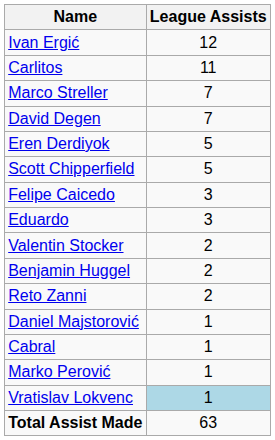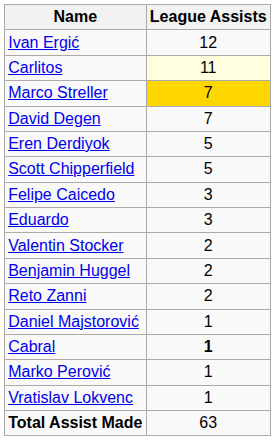 <table class="wikitable">
 <tr>
 <th>Name</th>
 <th>League Assists</th>
 </tr>
 <tr>
 <td> <a href='#'>Ivan Ergić</a></td>
 <td style="text-align:center;">12</td>
 </tr>
 <tr>
 <td> <a href='#'>Carlitos</a></td>
-<td style="text-align:center;">11</td>
+<td style="background: lightyellow; text-align:center;">11</td>
 </tr>
 <tr>
 <td> <a href='#'>Marco Streller</a></td>
-<td style="text-align:center;">7</td>
+<td style="background: gold; text-align:center;">7</td>
 </tr>
 <tr>
 <td> <a href='#'>David Degen</a></td>
 <td style="text-align:center;">7</td>
 </tr>
 <tr>
 <td> <a href='#'>Eren Derdiyok</a></td>
 <td style="text-align:center;">5</td>
 </tr>
 <tr>
 <td> <a href='#'>Scott Chipperfield</a></td>
 <td style="text-align:center;">5</td>
 </tr>
 <tr>
 <td> <a href='#'>Felipe Caicedo</a></td>
 <td style="text-align:center;">3</td>
 </tr>
 <tr>
 <td> <a href='#'>Eduardo</a></td>
 <td style="text-align:center;">3</td>
 </tr>
 <tr>
 <td> <a href='#'>Valentin Stocker</a></td>
 <td style="text-align:center;">2</td>
 </tr>
 <tr>
 <td> <a href='#'>Benjamin Huggel</a></td>
 <td style="text-align:center;">2</td>
 </tr>
 <tr>
 <td> <a href='#'>Reto Zanni</a></td>
 <td style="text-align:center;">2</td>
 </tr>
 <tr>
 <td> <a href='#'>Daniel Majstorović</a></td>
 <td style="text-align:center;">1</td>
 </tr>
 <tr>
 <td> <a href='#'>Cabral</a></td>
-<td style="text-align:center;">1</td>
+<td style="text-align:center;"><strong>1</strong></td>
 </tr>
 <tr>
 <td> <a href='#'>Marko Perović</a></td>
 <td style="text-align:center;">1</td>
 </tr>
 <tr>
 <td> <a href='#'>Vratislav Lokvenc</a></td>
-<td style="background: lightblue; text-align:center;">1</td>
+<td style="text-align:center;">1</td>
 </tr>
 <tr>
 <td><strong>Total Assist Made</strong></td>
 <td style="text-align:center;">63</td>
 </tr>
 <tr>
 </tr>
 </table>
